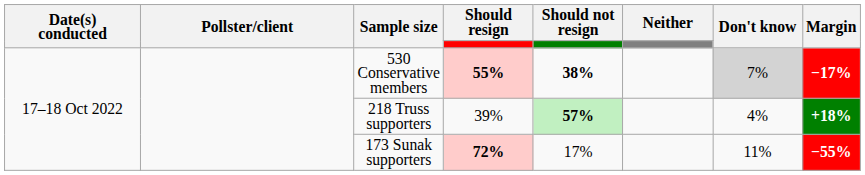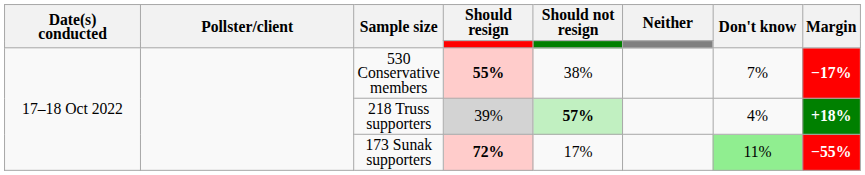 <table class="wikitable" style="text-align:center;font-size:95%;line-height:14px">
 <tr>
 <th rowspan="2" style="width:125px">Date(s)<br>conducted</th>
 <th rowspan="2" style="width:200px">Pollster/client</th>
 <th rowspan="2" style="width:60px">Sample size</th>
 <th class="unsortable" style="width:80px">Should resign</th>
 <th class="unsortable" style="width:80px">Should not resign</th>
 <th class="unsortable" style="width:80px">Neither</th>
 <th rowspan="2" class="unsortable" style="width:80px">Don't know</th>
 <th rowspan="2" class="unsortable" style="width:20px">Margin</th>
 </tr>
 <tr>
 <th class="unsortable" style="background:red;width:60px"></th>
 <th class="unsortable" style="background:green;width:60px"></th>
 <th class="unsortable" style="background:gray; width:60px"></th>
 </tr>
 <tr>
 <td rowspan="3">17–18 Oct 2022</td>
 <td rowspan="3"></td>
 <td>530 Conservative members</td>
 <td style="background:#ffcccb;color:black"><strong>55%</strong></td>
-<td><strong>38%</strong></td>
+<td>38%</td>
 <td></td>
-<td style="background: lightgrey;">7%</td>
+<td>7%</td>
 <td style="background:red;color:white"><strong>−17%</strong></td>
 </tr>
 <tr>
 <td>218 Truss supporters</td>
-<td>39%</td>
+<td style="background: lightgrey;">39%</td>
 <td style="background:#C1F0C1;color:black"><strong>57%</strong></td>
 <td></td>
 <td>4%</td>
 <td style="background:green;color:white"><strong>+18%</strong></td>
 </tr>
 <tr>
 <td>173 Sunak supporters</td>
 <td style="background:#ffcccb;color:black"><strong>72%</strong></td>
 <td>17%</td>
 <td></td>
-<td>11%</td>
+<td style="background: lightgreen;">11%</td>
 <td style="background:red;color:white"><strong>−55%</strong></td>
 </tr>
 </table>
